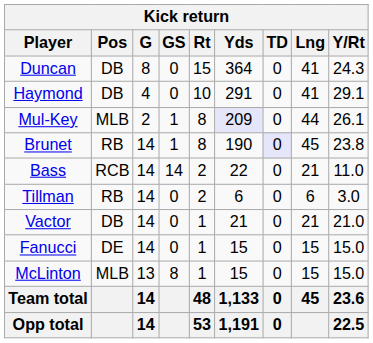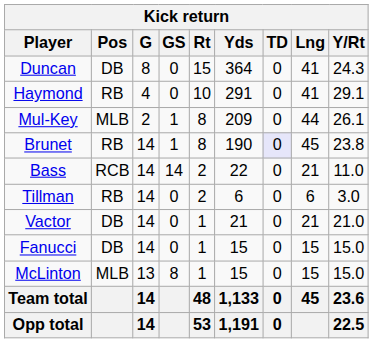 <table class="wikitable" style="text-align:center">
 <tr>
 <th colspan="9">Kick return</th>
 </tr>
 <tr>
 <th>Player</th>
 <th>Pos</th>
 <th>G</th>
 <th>GS</th>
 <th>Rt</th>
 <th>Yds</th>
 <th>TD</th>
 <th>Lng</th>
 <th>Y/Rt</th>
 </tr>
 <tr>
 <td><a href='#'>Duncan</a></td>
 <td>DB</td>
 <td>8</td>
 <td>0</td>
 <td>15</td>
 <td>364</td>
 <td>0</td>
 <td>41</td>
 <td>24.3</td>
 </tr>
 <tr>
 <td><a href='#'>Haymond</a></td>
-<td>DB</td>
+<td>RB</td>
 <td>4</td>
 <td>0</td>
 <td>10</td>
 <td>291</td>
 <td>0</td>
 <td>41</td>
 <td>29.1</td>
 </tr>
 <tr>
 <td><a href='#'>Mul-Key</a></td>
 <td>MLB</td>
 <td>2</td>
 <td>1</td>
 <td>8</td>
-<td style="background: lavender;">209</td>
+<td>209</td>
 <td>0</td>
 <td>44</td>
 <td>26.1</td>
 </tr>
 <tr>
 <td><a href='#'>Brunet</a></td>
 <td>RB</td>
 <td>14</td>
 <td>1</td>
 <td>8</td>
 <td>190</td>
 <td style="background: lavender;">0</td>
 <td>45</td>
 <td>23.8</td>
 </tr>
 <tr>
 <td><a href='#'>Bass</a></td>
 <td>RCB</td>
 <td>14</td>
 <td>14</td>
 <td>2</td>
 <td>22</td>
 <td>0</td>
 <td>21</td>
 <td>11.0</td>
 </tr>
 <tr>
 <td><a href='#'>Tillman</a></td>
 <td>RB</td>
 <td>14</td>
 <td>0</td>
 <td>2</td>
 <td>6</td>
 <td>0</td>
 <td>6</td>
 <td>3.0</td>
 </tr>
 <tr>
 <td><a href='#'>Vactor</a></td>
 <td>DB</td>
 <td>14</td>
 <td>0</td>
 <td>1</td>
 <td>21</td>
 <td>0</td>
 <td>21</td>
 <td>21.0</td>
 </tr>
 <tr>
 <td><a href='#'>Fanucci</a></td>
-<td>DE</td>
+<td>DB</td>
 <td>14</td>
 <td>0</td>
 <td>1</td>
 <td>15</td>
 <td>0</td>
 <td>15</td>
 <td>15.0</td>
 </tr>
 <tr>
 <td><a href='#'>McLinton</a></td>
 <td>MLB</td>
 <td>13</td>
 <td>8</td>
 <td>1</td>
 <td>15</td>
 <td>0</td>
 <td>15</td>
 <td>15.0</td>
 </tr>
 <tr>
 <th>Team total</th>
 <th></th>
 <th>14</th>
 <th></th>
 <th>48</th>
 <th>1,133</th>
 <th>0</th>
 <th>45</th>
 <th>23.6</th>
 </tr>
 <tr>
 <th>Opp total</th>
 <th></th>
 <th>14</th>
 <th></th>
 <th>53</th>
 <th>1,191</th>
 <th>0</th>
 <th></th>
 <th>22.5</th>
 </tr>
 </table>
